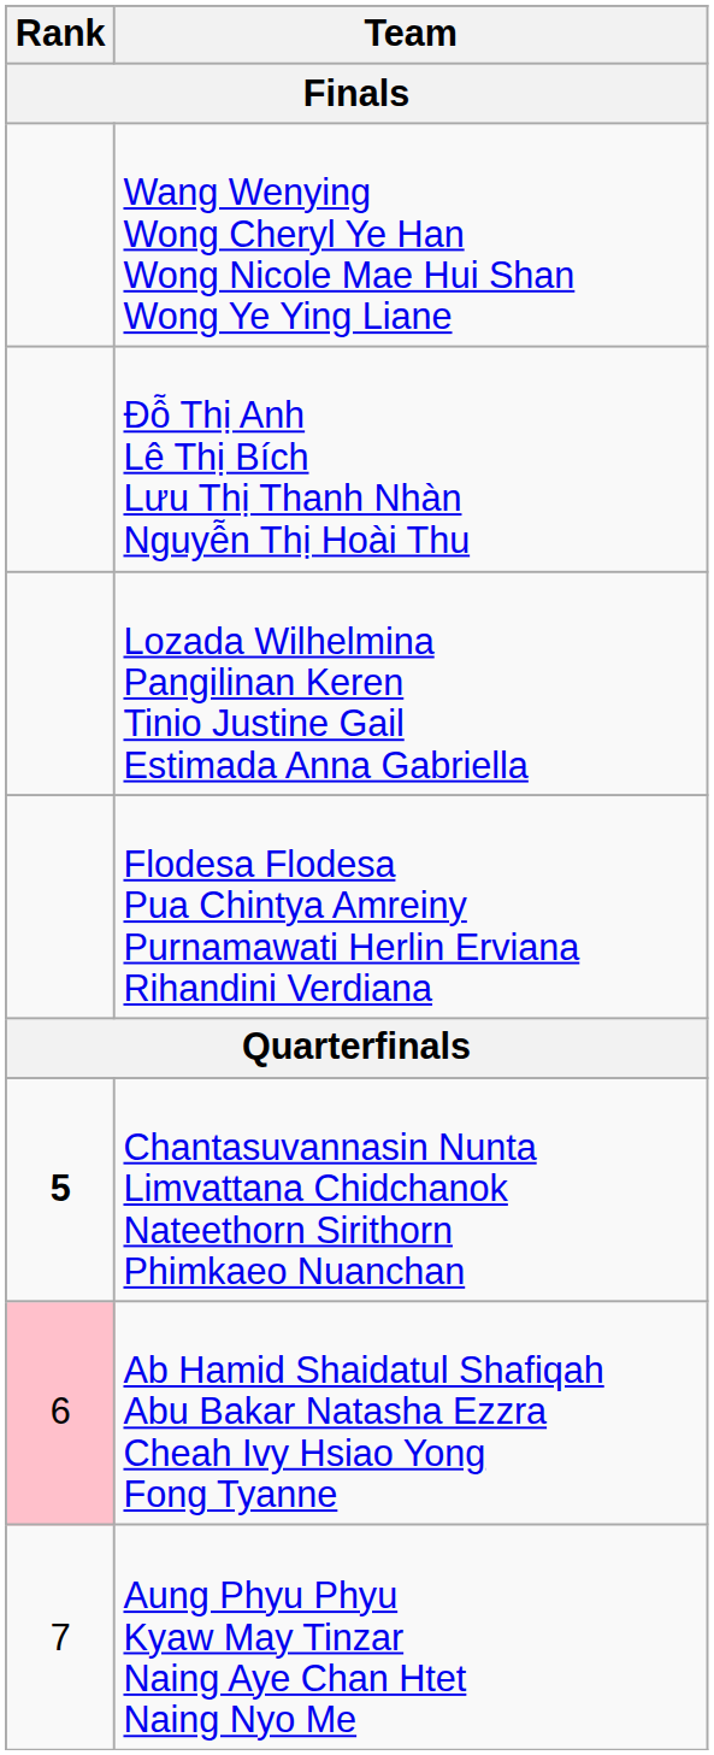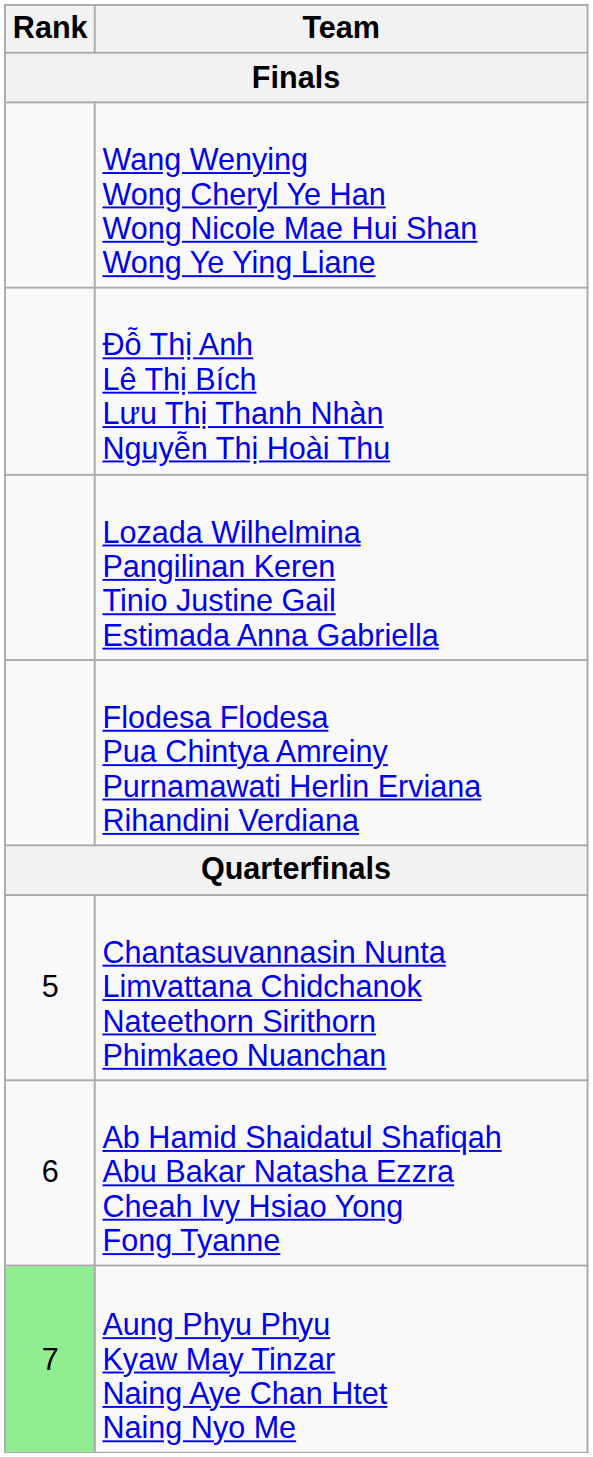 <table class="wikitable" style="text-align:center;">
 <tr>
 <th width=40>Rank</th>
 <th width=250>Team</th>
 </tr>
 <tr>
 <th colspan="2">Finals</th>
 </tr>
 <tr>
 <td></td>
 <td align=left><br><a href='#'>Wang Wenying</a><br><a href='#'>Wong Cheryl Ye Han</a><br><a href='#'>Wong Nicole Mae Hui Shan</a><br><a href='#'>Wong Ye Ying Liane</a></td>
 </tr>
 <tr>
 <td></td>
 <td align=left><br><a href='#'>Đỗ Thị Anh</a><br><a href='#'>Lê Thị Bích</a><br><a href='#'>Lưu Thị Thanh Nhàn</a><br><a href='#'>Nguyễn Thị Hoài Thu</a></td>
 </tr>
 <tr>
 <td></td>
 <td align=left><br><a href='#'>Lozada Wilhelmina</a><br><a href='#'>Pangilinan Keren</a><br><a href='#'>Tinio Justine Gail</a><br><a href='#'>Estimada Anna Gabriella</a></td>
 </tr>
 <tr>
 <td></td>
 <td align=left><br><a href='#'>Flodesa Flodesa</a><br><a href='#'>Pua Chintya Amreiny</a><br><a href='#'>Purnamawati Herlin Erviana</a><br><a href='#'>Rihandini Verdiana</a></td>
 </tr>
 <tr>
 <th colspan="2">Quarterfinals</th>
 </tr>
 <tr>
-<td><strong>5</strong></td>
+<td>5</td>
 <td align=left><br><a href='#'>Chantasuvannasin Nunta</a><br><a href='#'>Limvattana Chidchanok</a><br><a href='#'>Nateethorn Sirithorn</a><br><a href='#'>Phimkaeo Nuanchan</a></td>
 </tr>
 <tr>
-<td style="background: pink;">6</td>
+<td>6</td>
 <td align=left><br><a href='#'>Ab Hamid Shaidatul Shafiqah</a><br><a href='#'>Abu Bakar Natasha Ezzra</a><br><a href='#'>Cheah Ivy Hsiao Yong</a><br><a href='#'>Fong Tyanne</a></td>
 </tr>
 <tr>
-<td>7</td>
+<td style="background: lightgreen;">7</td>
 <td align=left><br><a href='#'>Aung Phyu Phyu</a><br><a href='#'>Kyaw May Tinzar</a><br><a href='#'>Naing Aye Chan Htet</a><br><a href='#'>Naing Nyo Me</a></td>
 </tr>
 </table>
